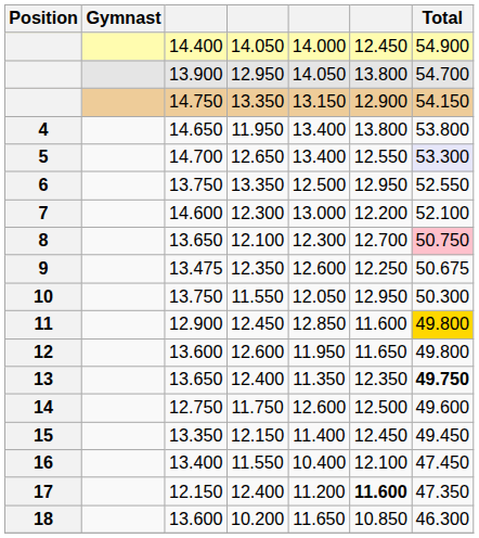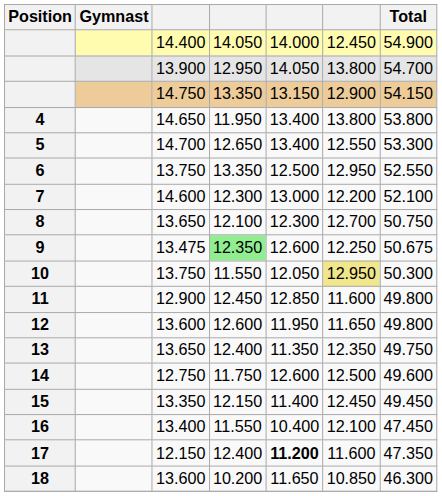 <table class="wikitable sortable" style="text-align:center">
 <tr>
 <th scope=col>Position</th>
 <th scope=col>Gymnast</th>
 <th scope=col></th>
 <th scope=col></th>
 <th scope=col></th>
 <th scope=col></th>
 <th scope=col>Total</th>
 </tr>
 <tr bgcolor=fffcaf>
 <th scope=row></th>
 <td align=left></td>
 <td>14.400</td>
 <td>14.050</td>
 <td>14.000</td>
 <td>12.450</td>
 <td>54.900</td>
 </tr>
 <tr bgcolor=e5e5e5>
 <th scope=row></th>
 <td align=left></td>
 <td>13.900</td>
 <td>12.950</td>
 <td>14.050</td>
 <td>13.800</td>
 <td>54.700</td>
 </tr>
 <tr bgcolor=eecc99>
 <th scope=row></th>
 <td align=left></td>
 <td>14.750</td>
 <td>13.350</td>
 <td>13.150</td>
 <td>12.900</td>
 <td>54.150</td>
 </tr>
 <tr>
 <th scope=row>4</th>
 <td align=left></td>
 <td>14.650</td>
 <td>11.950</td>
 <td>13.400</td>
 <td>13.800</td>
 <td>53.800</td>
 </tr>
 <tr>
 <th scope=row>5</th>
 <td align=left></td>
 <td>14.700</td>
 <td>12.650</td>
 <td>13.400</td>
 <td>12.550</td>
-<td style="background: lavender;">53.300</td>
+<td>53.300</td>
 </tr>
 <tr>
 <th scope=row>6</th>
 <td align=left></td>
 <td>13.750</td>
 <td>13.350</td>
 <td>12.500</td>
 <td>12.950</td>
 <td>52.550</td>
 </tr>
 <tr>
 <th scope=row>7</th>
 <td align=left></td>
 <td>14.600</td>
 <td>12.300</td>
 <td>13.000</td>
 <td>12.200</td>
 <td>52.100</td>
 </tr>
 <tr>
 <th scope=row>8</th>
 <td align=left></td>
 <td>13.650</td>
 <td>12.100</td>
 <td>12.300</td>
 <td>12.700</td>
-<td style="background: pink;">50.750</td>
+<td>50.750</td>
 </tr>
 <tr>
 <th scope=row>9</th>
 <td align=left></td>
 <td>13.475</td>
-<td>12.350</td>
+<td style="background: lightgreen;">12.350</td>
 <td>12.600</td>
 <td>12.250</td>
 <td>50.675</td>
 </tr>
 <tr>
 <th scope=row>10</th>
 <td align=left></td>
 <td>13.750</td>
 <td>11.550</td>
 <td>12.050</td>
-<td>12.950</td>
+<td style="background: khaki;">12.950</td>
 <td>50.300</td>
 </tr>
 <tr>
 <th scope=row>11</th>
 <td align=left></td>
 <td>12.900</td>
 <td>12.450</td>
 <td>12.850</td>
 <td>11.600</td>
-<td style="background: gold;">49.800</td>
+<td>49.800</td>
 </tr>
 <tr>
 <th scope=row>12</th>
 <td align=left></td>
 <td>13.600</td>
 <td>12.600</td>
 <td>11.950</td>
 <td>11.650</td>
 <td>49.800</td>
 </tr>
 <tr>
 <th scope=row>13</th>
 <td align=left></td>
 <td>13.650</td>
 <td>12.400</td>
 <td>11.350</td>
 <td>12.350</td>
-<td><strong>49.750</strong></td>
+<td>49.750</td>
 </tr>
 <tr>
 <th scope=row>14</th>
 <td align=left></td>
 <td>12.750</td>
 <td>11.750</td>
 <td>12.600</td>
 <td>12.500</td>
 <td>49.600</td>
 </tr>
 <tr>
 <th scope=row>15</th>
 <td align=left></td>
 <td>13.350</td>
 <td>12.150</td>
 <td>11.400</td>
 <td>12.450</td>
 <td>49.450</td>
 </tr>
 <tr>
 <th scope=row>16</th>
 <td align=left></td>
 <td>13.400</td>
 <td>11.550</td>
 <td>10.400</td>
 <td>12.100</td>
 <td>47.450</td>
 </tr>
 <tr>
 <th scope=row>17</th>
 <td align=left></td>
 <td>12.150</td>
 <td>12.400</td>
-<td>11.200</td>
-<td><strong>11.600</strong></td>
+<td><strong>11.200</strong></td>
+<td>11.600</td>
 <td>47.350</td>
 </tr>
 <tr>
 <th scope=row>18</th>
 <td align=left></td>
 <td>13.600</td>
 <td>10.200</td>
 <td>11.650</td>
 <td>10.850</td>
 <td>46.300</td>
 </tr>
 <tr>
 </tr>
 </table>
